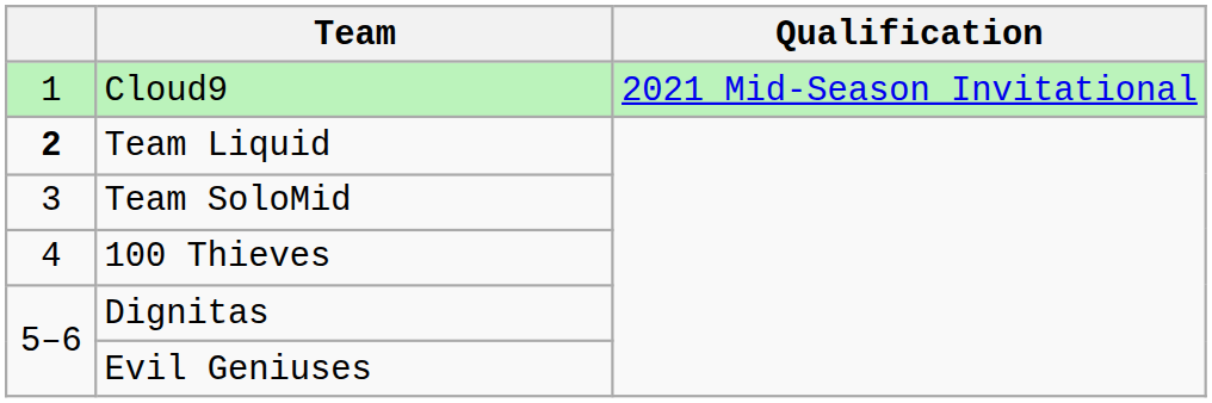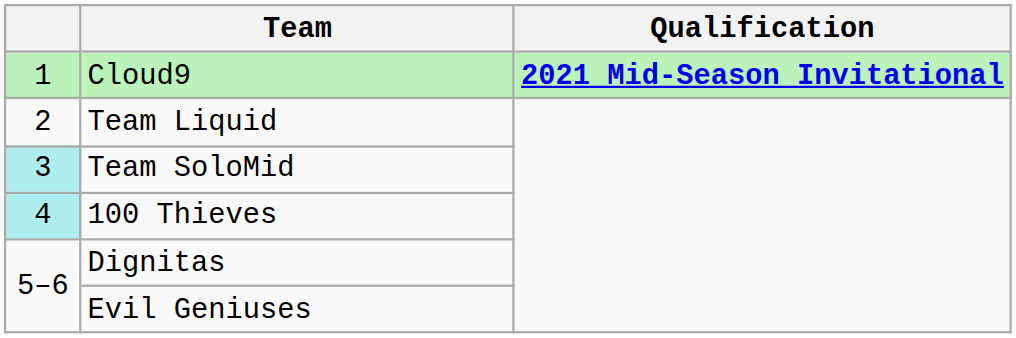 <table class="wikitable" style="text-align:center">
 <tr>
 <th width=28></th>
 <th width=190>Team</th>
 <th>Qualification</th>
 </tr>
 <tr style="background-color:#BBF3BB;">
 <td>1</td>
 <td style="text-align:left">Cloud9</td>
-<td><a href='#'>2021 Mid-Season Invitational</a></td>
+<td><strong><a href='#'>2021 Mid-Season Invitational</a></strong></td>
 </tr>
 <tr>
-<td><strong>2</strong></td>
+<td>2</td>
 <td style="text-align:left">Team Liquid</td>
 <td rowspan="5"></td>
 </tr>
 <tr>
-<td>3</td>
+<td style="background: paleturquoise;">3</td>
 <td style="text-align:left">Team SoloMid</td>
 </tr>
 <tr>
-<td>4</td>
+<td style="background: paleturquoise;">4</td>
 <td style="text-align:left">100 Thieves</td>
 </tr>
 <tr>
 <td rowspan="2">5–6</td>
 <td style="text-align:left">Dignitas</td>
 </tr>
 <tr>
 <td style="text-align:left">Evil Geniuses</td>
 </tr>
 </table>
